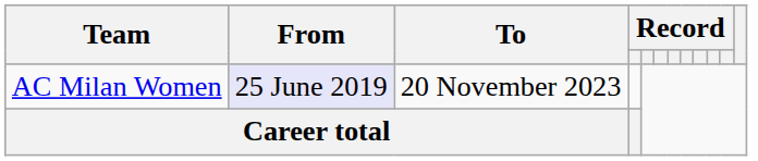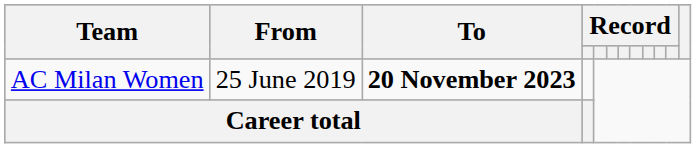 <table class="wikitable" style="text-align:center">
 <tr>
 <th rowspan="2">Team</th>
 <th rowspan="2">From</th>
 <th rowspan="2">To</th>
 <th colspan="8">Record</th>
 <th rowspan="2"></th>
 </tr>
 <tr>
 <th></th>
 <th></th>
 <th></th>
 <th></th>
 <th></th>
 <th></th>
 <th></th>
 <th></th>
 </tr>
 <tr>
 <td><a href='#'>AC Milan Women</a></td>
-<td style="background: lavender;">25 June 2019</td>
-<td>20 November 2023<br></td>
+<td>25 June 2019</td>
+<td><strong>20 November 2023<br></strong></td>
 <td></td>
 </tr>
 <tr>
 <th colspan=3>Career total<br></th>
 <th></th>
 </tr>
 </table>
